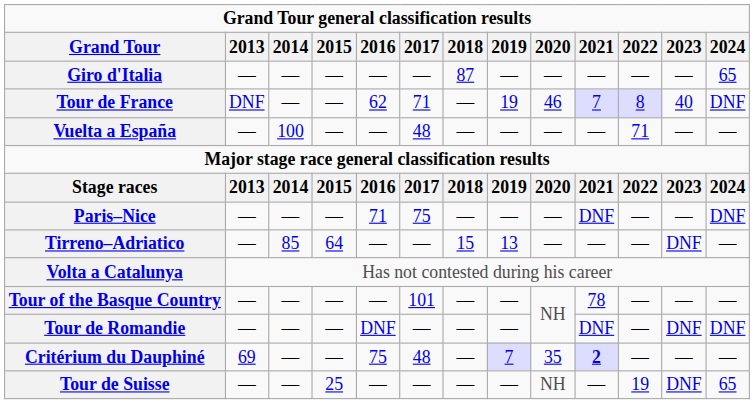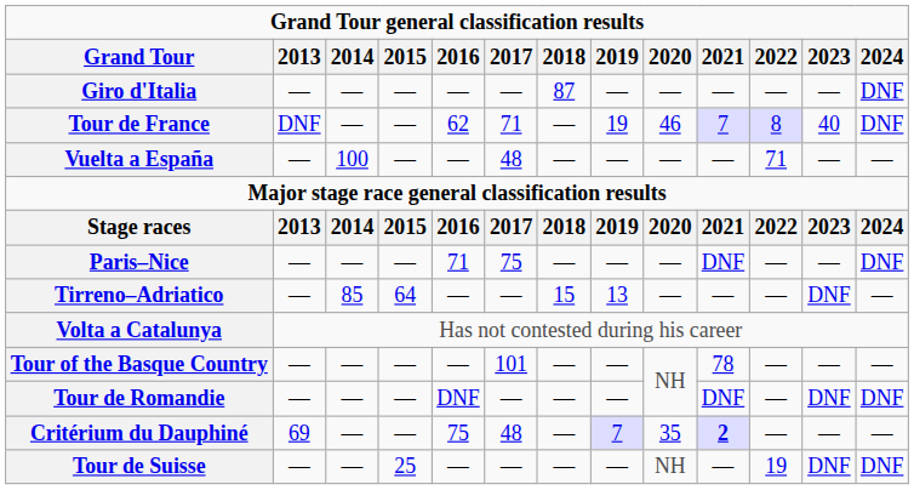 <table class="wikitable plainrowheaders">
 <tr>
 <td colspan=16 align="center"><strong>Grand Tour general classification results</strong></td>
 </tr>
 <tr>
 <th scope="col"><a href='#'>Grand Tour</a></th>
 <th scope="col">2013</th>
 <th scope="col">2014</th>
 <th scope="col">2015</th>
 <th scope="col">2016</th>
 <th scope="col">2017</th>
 <th scope="col">2018</th>
 <th scope="col">2019</th>
 <th scope="col">2020</th>
 <th scope="col">2021</th>
 <th scope="col">2022</th>
 <th scope="col">2023</th>
 <th scope="col">2024</th>
 </tr>
 <tr style="text-align:center;">
 <th scope="row"> <a href='#'>Giro d'Italia</a></th>
 <td>—</td>
 <td>—</td>
 <td>—</td>
 <td>—</td>
 <td>—</td>
 <td><a href='#'>87</a></td>
 <td>—</td>
 <td>—</td>
 <td>—</td>
 <td>—</td>
 <td>—</td>
-<td><a href='#'>65</a></td>
+<td><a href='#'>DNF</a></td>
 </tr>
 <tr style="text-align:center;">
 <th scope="row"> <a href='#'>Tour de France</a></th>
 <td><a href='#'>DNF</a></td>
 <td>—</td>
 <td>—</td>
 <td><a href='#'>62</a></td>
 <td><a href='#'>71</a></td>
 <td>—</td>
 <td><a href='#'>19</a></td>
 <td><a href='#'>46</a></td>
 <td style="background:#ddf;"><a href='#'>7</a></td>
 <td style="background:#ddf;"><a href='#'>8</a></td>
 <td><a href='#'>40</a></td>
 <td><a href='#'>DNF</a></td>
 </tr>
 <tr style="text-align:center;">
 <th scope="row"> <a href='#'>Vuelta a España</a></th>
 <td>—</td>
 <td><a href='#'>100</a></td>
 <td>—</td>
 <td>—</td>
 <td><a href='#'>48</a></td>
 <td>—</td>
 <td>—</td>
 <td>—</td>
 <td>—</td>
 <td><a href='#'>71</a></td>
 <td>—</td>
 <td>—</td>
 </tr>
 <tr>
 <td colspan=16 align="center"><strong>Major stage race general classification results</strong></td>
 </tr>
 <tr>
 <th scope="col">Stage races</th>
 <th scope="col">2013</th>
 <th scope="col">2014</th>
 <th scope="col">2015</th>
 <th scope="col">2016</th>
 <th scope="col">2017</th>
 <th scope="col">2018</th>
 <th scope="col">2019</th>
 <th scope="col">2020</th>
 <th scope="col">2021</th>
 <th scope="col">2022</th>
 <th scope="col">2023</th>
 <th scope="col">2024</th>
 </tr>
 <tr style="text-align:center;">
 <th scope="row"> <a href='#'>Paris–Nice</a></th>
 <td>—</td>
 <td>—</td>
 <td>—</td>
 <td><a href='#'>71</a></td>
 <td><a href='#'>75</a></td>
 <td>—</td>
 <td>—</td>
 <td>—</td>
 <td><a href='#'>DNF</a></td>
 <td>—</td>
 <td>—</td>
 <td><a href='#'>DNF</a></td>
 </tr>
 <tr style="text-align:center;">
 <th scope="row"> <a href='#'>Tirreno–Adriatico</a></th>
 <td>—</td>
 <td><a href='#'>85</a></td>
 <td><a href='#'>64</a></td>
 <td>—</td>
 <td>—</td>
 <td><a href='#'>15</a></td>
 <td><a href='#'>13</a></td>
 <td>—</td>
 <td>—</td>
 <td>—</td>
 <td><a href='#'>DNF</a></td>
 <td>—</td>
 </tr>
 <tr style="text-align:center;">
 <th scope="row"> <a href='#'>Volta a Catalunya</a></th>
 <td style="color:#4d4d4d;" colspan=12>Has not contested during his career</td>
 </tr>
 <tr style="text-align:center;">
 <th scope="row"> <a href='#'>Tour of the Basque Country</a></th>
 <td>—</td>
 <td>—</td>
 <td>—</td>
 <td>—</td>
 <td><a href='#'>101</a></td>
 <td>—</td>
 <td>—</td>
 <td style="color:#4d4d4d;" rowspan=2>NH</td>
 <td><a href='#'>78</a></td>
 <td>—</td>
 <td>—</td>
 <td>—</td>
 </tr>
 <tr style="text-align:center;">
 <th scope="row"> <a href='#'>Tour de Romandie</a></th>
 <td>—</td>
 <td>—</td>
 <td>—</td>
 <td><a href='#'>DNF</a></td>
 <td>—</td>
 <td>—</td>
 <td>—</td>
 <td><a href='#'>DNF</a></td>
 <td>—</td>
 <td><a href='#'>DNF</a></td>
 <td><a href='#'>DNF</a></td>
 </tr>
 <tr style="text-align:center;">
 <th scope="row"> <a href='#'>Critérium du Dauphiné</a></th>
 <td><a href='#'>69</a></td>
 <td>—</td>
 <td>—</td>
 <td><a href='#'>75</a></td>
 <td><a href='#'>48</a></td>
 <td>—</td>
 <td style="background:#ddf;"><a href='#'>7</a></td>
 <td><a href='#'>35</a></td>
 <td style="background:#ddf;"><a href='#'><strong>2</strong></a></td>
 <td>—</td>
 <td>—</td>
 <td>—</td>
 </tr>
 <tr align="center">
 <th scope="row"> <a href='#'>Tour de Suisse</a></th>
 <td>—</td>
 <td>—</td>
 <td><a href='#'>25</a></td>
 <td>—</td>
 <td>—</td>
 <td>—</td>
 <td>—</td>
 <td style="color:#4d4d4d;">NH</td>
 <td>—</td>
 <td><a href='#'>19</a></td>
 <td><a href='#'>DNF</a></td>
-<td><a href='#'>65</a></td>
+<td><a href='#'>DNF</a></td>
 </tr>
 </table>
